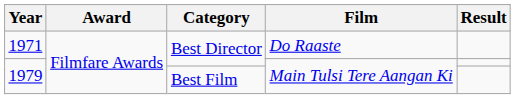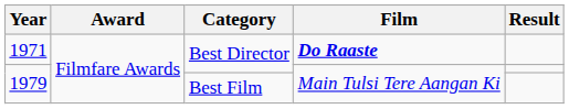 <table class="wikitable">
 <tr>
 <th>Year</th>
 <th>Award</th>
 <th>Category</th>
 <th>Film</th>
 <th>Result</th>
 </tr>
 <tr>
 <td><a href='#'>1971</a></td>
 <td rowspan="3"><a href='#'>Filmfare Awards</a></td>
 <td rowspan="2"><a href='#'>Best Director</a></td>
-<td><em><a href='#'>Do Raaste</a></em></td>
+<td><strong><em><a href='#'>Do Raaste</a></em></strong></td>
 <td></td>
 </tr>
 <tr>
 <td rowspan="2"><a href='#'>1979</a></td>
 <td rowspan="2"><em><a href='#'>Main Tulsi Tere Aangan Ki</a></em></td>
 <td></td>
 </tr>
 <tr>
 <td><a href='#'>Best Film</a></td>
 <td></td>
 </tr>
 </table>
